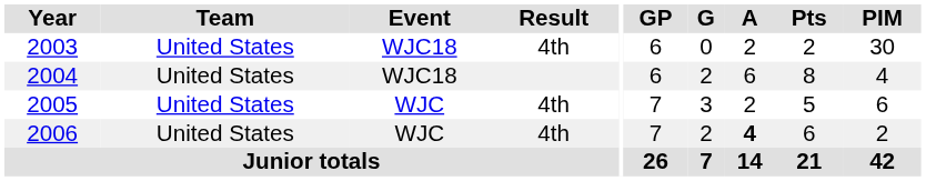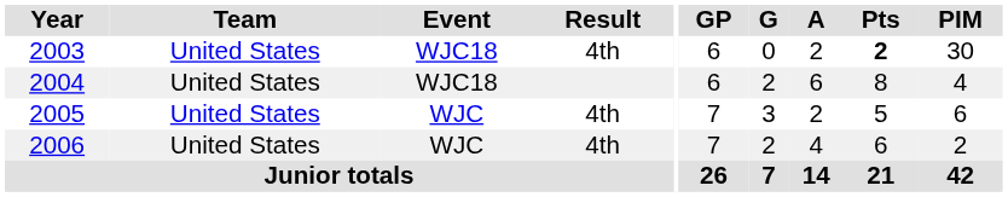 <table border="0" cellpadding="1" cellspacing="0" ID="Table3" style="text-align:center; width:40em">
 <tr ALIGN="center" bgcolor="#e0e0e0">
 <th>Year</th>
 <th>Team</th>
 <th>Event</th>
 <th>Result</th>
 <th rowspan="99" bgcolor="#ffffff"></th>
 <th>GP</th>
 <th>G</th>
 <th>A</th>
 <th>Pts</th>
 <th>PIM</th>
 </tr>
 <tr>
 <td><a href='#'>2003</a></td>
 <td><a href='#'>United States</a></td>
 <td><a href='#'>WJC18</a></td>
 <td>4th</td>
 <td>6</td>
 <td>0</td>
 <td>2</td>
-<td>2</td>
+<td><strong>2</strong></td>
 <td>30</td>
 </tr>
 <tr bgcolor="#f0f0f0">
 <td><a href='#'>2004</a></td>
 <td>United States</td>
 <td>WJC18</td>
 <td></td>
 <td>6</td>
 <td>2</td>
 <td>6</td>
 <td>8</td>
 <td>4</td>
 </tr>
 <tr>
 <td><a href='#'>2005</a></td>
 <td><a href='#'>United States</a></td>
 <td><a href='#'>WJC</a></td>
 <td>4th</td>
 <td>7</td>
 <td>3</td>
 <td>2</td>
 <td>5</td>
 <td>6</td>
 </tr>
 <tr bgcolor="#f0f0f0">
 <td><a href='#'>2006</a></td>
 <td>United States</td>
 <td>WJC</td>
 <td>4th</td>
 <td>7</td>
 <td>2</td>
-<td><strong>4</strong></td>
+<td>4</td>
 <td>6</td>
 <td>2</td>
 </tr>
 <tr bgcolor="#e0e0e0">
 <th colspan="4">Junior totals</th>
 <th>26</th>
 <th>7</th>
 <th>14</th>
 <th>21</th>
 <th>42</th>
 </tr>
 </table>
